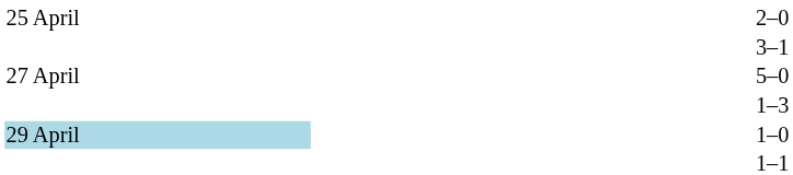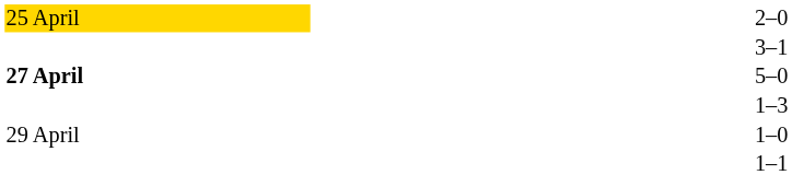 <table cellspacing=1 width=70%>
 <tr>
 <th width=25%></th>
 <th width=30%></th>
 <th width=15%></th>
 <th width=30%></th>
 </tr>
 <tr>
-<td>25 April</td>
+<td style="background: gold;">25 April</td>
 <td align=right></td>
 <td align=center>2–0</td>
 <td></td>
 </tr>
 <tr>
 <td></td>
 <td align=right></td>
 <td align=center>3–1</td>
 <td></td>
 </tr>
 <tr>
-<td>27 April</td>
+<td><strong>27 April</strong></td>
 <td align=right></td>
 <td align=center>5–0</td>
 <td></td>
 </tr>
 <tr>
 <td></td>
 <td align=right></td>
 <td align=center>1–3</td>
 <td></td>
 </tr>
 <tr>
-<td style="background: lightblue;">29 April</td>
+<td>29 April</td>
 <td align=right></td>
 <td align=center>1–0</td>
 <td></td>
 </tr>
 <tr>
 <td></td>
 <td align=right></td>
 <td align=center>1–1</td>
 <td></td>
 </tr>
 </table>
